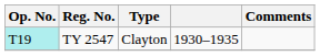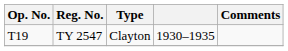 <table class="wikitable">
 <tr>
 <th>Op. No.</th>
 <th>Reg. No.</th>
 <th>Type</th>
 <th></th>
 <th>Comments</th>
 </tr>
 <tr>
-<td style="background: paleturquoise;">T19</td>
+<td>T19</td>
 <td>TY 2547</td>
 <td>Clayton</td>
 <td>1930–1935</td>
 <td></td>
 </tr>
 <tr>
 </tr>
 </table>
